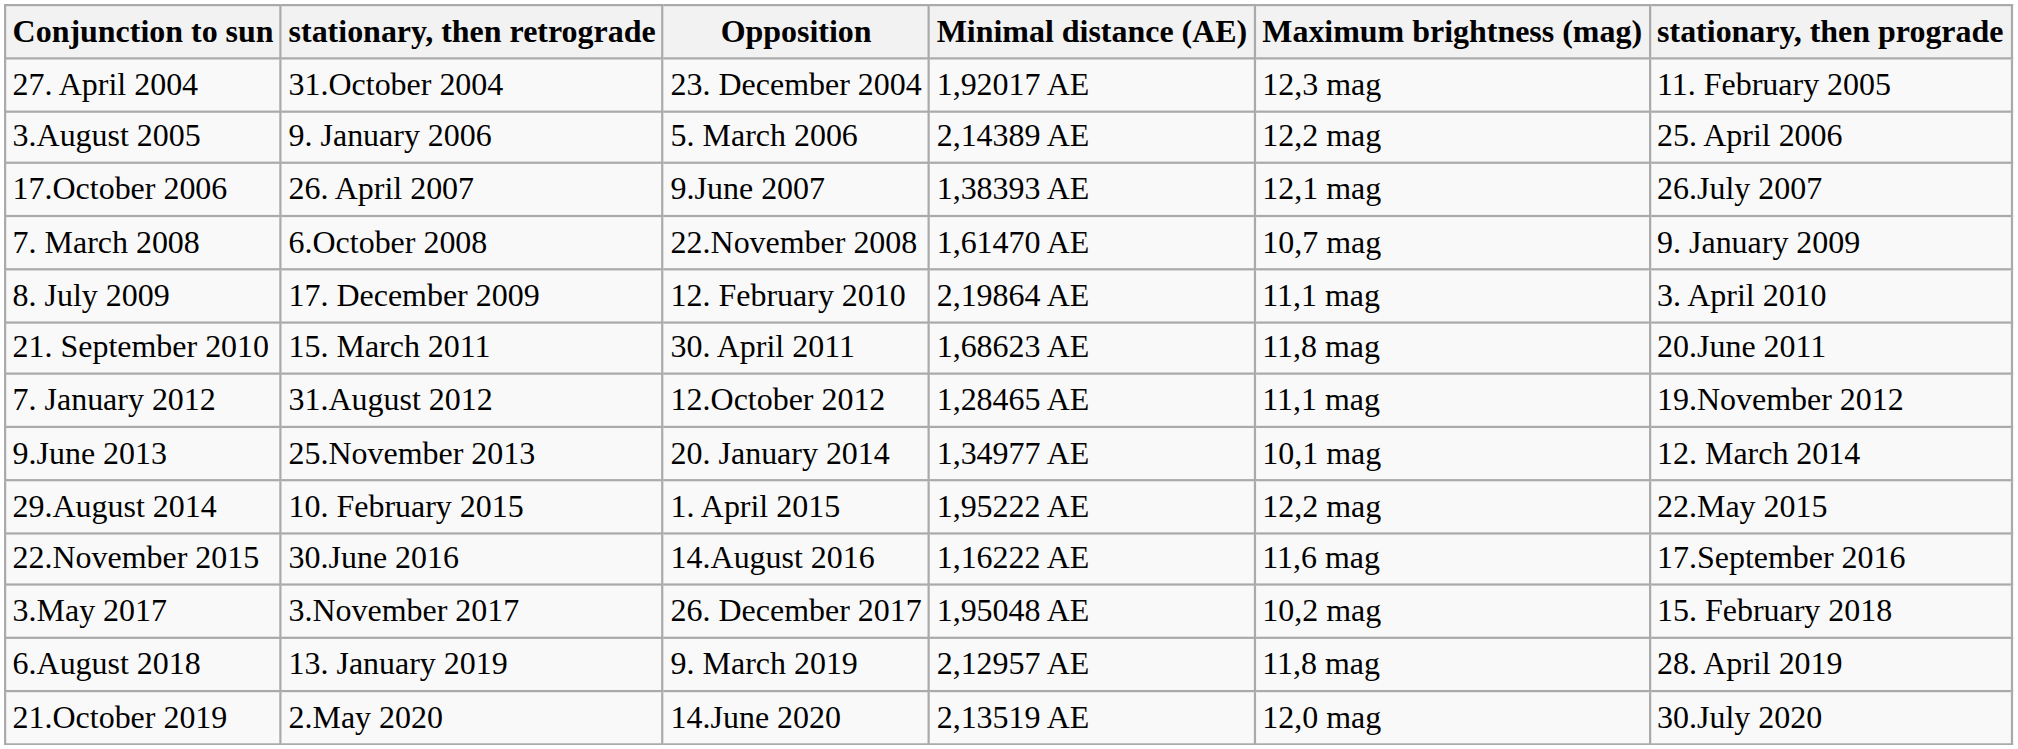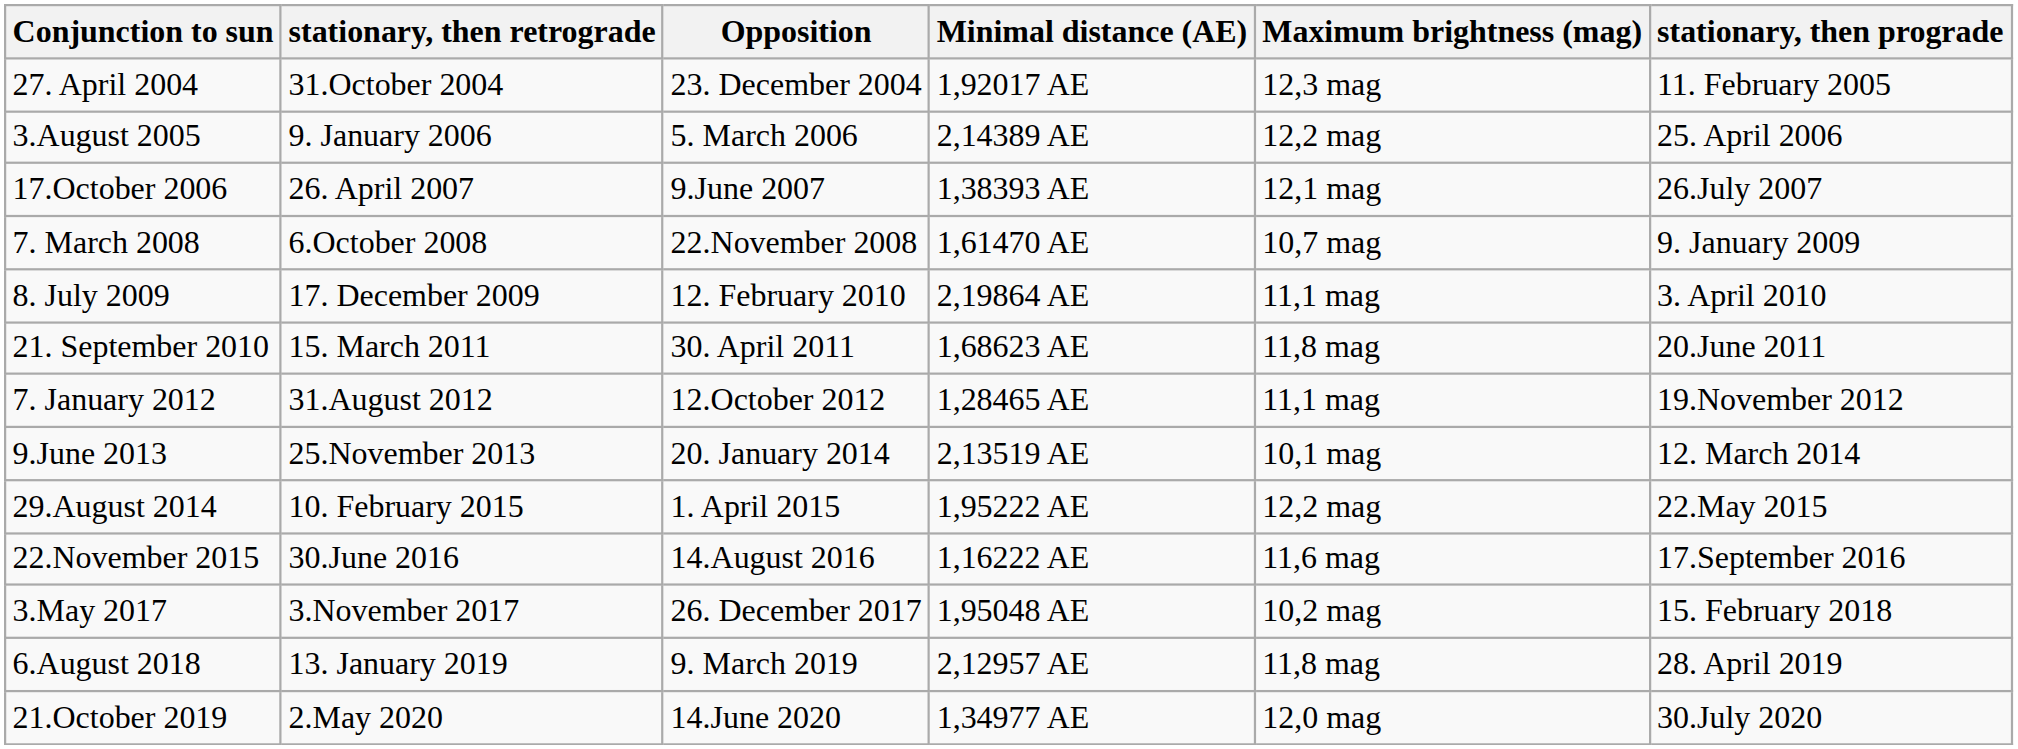 <table class="wikitable" style="align: center; font-size: 0.9em;">
 <tr>
 <th>Conjunction to sun</th>
 <th>stationary, then retrograde</th>
 <th>Opposition</th>
 <th>Minimal distance (AE)</th>
 <th>Maximum brightness (mag)</th>
 <th>stationary, then prograde</th>
 </tr>
 <tr>
 <td>27. April 2004</td>
 <td>31.October 2004</td>
 <td>23. December 2004</td>
 <td>1,92017 AE</td>
 <td>12,3 mag</td>
 <td>11. February 2005</td>
 </tr>
 <tr>
 <td>3.August 2005</td>
 <td>9. January 2006</td>
 <td>5. March 2006</td>
 <td>2,14389 AE</td>
 <td>12,2	mag</td>
 <td>25. April 2006</td>
 </tr>
 <tr>
 <td>17.October 2006</td>
 <td>26. April 2007</td>
 <td>9.June 2007</td>
 <td>1,38393	AE</td>
 <td>12,1 mag</td>
 <td>26.July 2007</td>
 </tr>
 <tr>
 <td>7. March 2008</td>
 <td>6.October 2008</td>
 <td>22.November 2008</td>
 <td>1,61470	AE</td>
 <td>10,7 mag</td>
 <td>9. January 2009</td>
 </tr>
 <tr>
 <td>8. July 2009</td>
 <td>17. December 2009</td>
 <td>12. February 2010</td>
 <td>2,19864	AE</td>
 <td>11,1 mag</td>
 <td>3. April 2010</td>
 </tr>
 <tr>
 <td>21. September 2010</td>
 <td>15. March 2011</td>
 <td>30. April 2011</td>
 <td>1,68623 AE</td>
 <td>11,8 mag</td>
 <td>20.June 2011</td>
 </tr>
 <tr>
 <td>7. January 2012</td>
 <td>31.August 2012</td>
 <td>12.October 2012</td>
 <td>1,28465 AE</td>
 <td>11,1 mag</td>
 <td>19.November 2012</td>
 </tr>
 <tr>
 <td>9.June 2013</td>
 <td>25.November 2013</td>
 <td>20. January 2014</td>
-<td>1,34977 AE</td>
+<td>2,13519	AE</td>
 <td>10,1 mag</td>
 <td>12. March 2014</td>
 </tr>
 <tr>
 <td>29.August 2014</td>
 <td>10. February 2015</td>
 <td>1. April 2015</td>
 <td>1,95222 AE</td>
 <td>12,2 mag</td>
 <td>22.May 2015</td>
 </tr>
 <tr>
 <td>22.November 2015</td>
 <td>30.June 2016</td>
 <td>14.August 2016</td>
 <td>1,16222	AE</td>
 <td>11,6 mag</td>
 <td>17.September 2016</td>
 </tr>
 <tr>
 <td>3.May 2017</td>
 <td>3.November 2017</td>
 <td>26. December 2017</td>
 <td>1,95048	AE</td>
 <td>10,2 mag</td>
 <td>15. February 2018</td>
 </tr>
 <tr>
 <td>6.August 2018</td>
 <td>13. January 2019</td>
 <td>9. March 2019</td>
 <td>2,12957 AE</td>
 <td>11,8	mag</td>
 <td>28. April 2019</td>
 </tr>
 <tr>
 <td>21.October 2019</td>
 <td>2.May 2020</td>
 <td>14.June 2020</td>
-<td>2,13519	AE</td>
+<td>1,34977 AE</td>
 <td>12,0 mag</td>
 <td>30.July 2020</td>
 </tr>
 </table>
